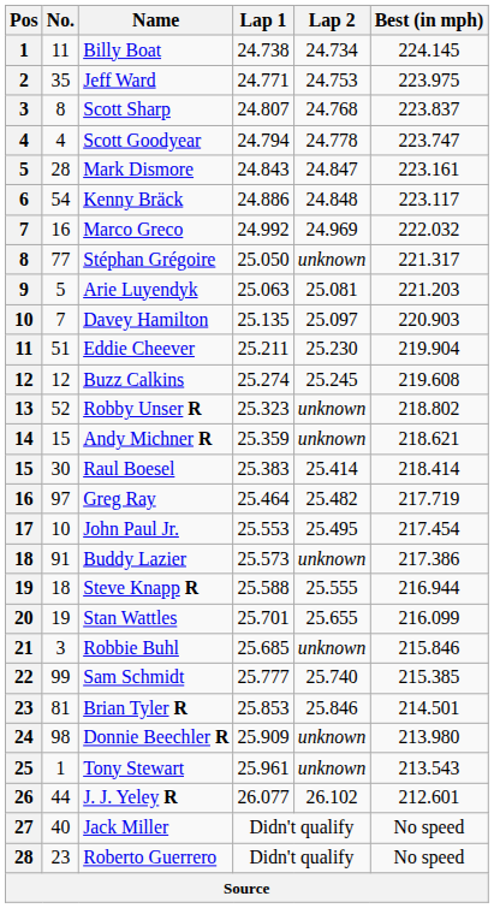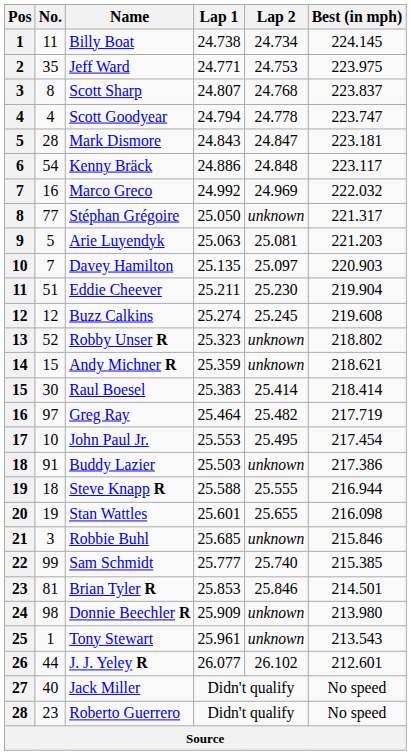 <table class="wikitable sortable" " style="fontsize:95%">
 <tr>
 <th>Pos</th>
 <th>No.</th>
 <th>Name</th>
 <th>Lap 1</th>
 <th>Lap 2</th>
 <th>Best (in mph)</th>
 </tr>
 <tr>
 <th scope="row">1</th>
 <td align=center>11</td>
 <td> <a href='#'>Billy Boat</a></td>
 <td align="center">24.738</td>
 <td align="center">24.734</td>
 <td align="center">224.145</td>
 </tr>
 <tr>
 <th scope="row">2</th>
 <td align=center>35</td>
 <td> <a href='#'>Jeff Ward</a></td>
 <td align="center">24.771</td>
 <td align="center">24.753</td>
 <td align="center">223.975</td>
 </tr>
 <tr>
 <th scope="row">3</th>
 <td align=center>8</td>
 <td> <a href='#'>Scott Sharp</a></td>
 <td align="center">24.807</td>
 <td align="center">24.768</td>
 <td align="center">223.837</td>
 </tr>
 <tr>
 <th scope="row">4</th>
 <td align=center>4</td>
 <td> <a href='#'>Scott Goodyear</a></td>
 <td align="center">24.794</td>
 <td align="center">24.778</td>
 <td align="center">223.747</td>
 </tr>
 <tr>
 <th scope="row">5</th>
 <td align=center>28</td>
 <td> <a href='#'>Mark Dismore</a></td>
 <td align="center">24.843</td>
 <td align="center">24.847</td>
-<td align="center">223.161</td>
+<td align="center">223.181</td>
 </tr>
 <tr>
 <th scope="row">6</th>
 <td align=center>54</td>
 <td> <a href='#'>Kenny Bräck</a></td>
 <td align="center">24.886</td>
 <td align="center">24.848</td>
 <td align="center">223.117</td>
 </tr>
 <tr>
 <th scope="row">7</th>
 <td align=center>16</td>
 <td> <a href='#'>Marco Greco</a></td>
 <td align="center">24.992</td>
 <td align="center">24.969</td>
 <td align="center">222.032</td>
 </tr>
 <tr>
 <th scope="row">8</th>
 <td align=center>77</td>
 <td> <a href='#'>Stéphan Grégoire</a></td>
 <td align="center">25.050</td>
 <td align="center"><em>unknown</em></td>
 <td align="center">221.317</td>
 </tr>
 <tr>
 <th scope="row">9</th>
 <td align=center>5</td>
 <td> <a href='#'>Arie Luyendyk</a></td>
 <td align="center">25.063</td>
 <td align="center">25.081</td>
 <td align="center">221.203</td>
 </tr>
 <tr>
 <th scope="row">10</th>
 <td align=center>7</td>
 <td> <a href='#'>Davey Hamilton</a></td>
 <td align="center">25.135</td>
 <td align="center">25.097</td>
 <td align="center">220.903</td>
 </tr>
 <tr>
 <th scope="row">11</th>
 <td align=center>51</td>
 <td> <a href='#'>Eddie Cheever</a></td>
 <td align="center">25.211</td>
 <td align="center">25.230</td>
 <td align="center">219.904</td>
 </tr>
 <tr>
 <th scope="row">12</th>
 <td align=center>12</td>
 <td> <a href='#'>Buzz Calkins</a></td>
 <td align="center">25.274</td>
 <td align="center">25.245</td>
 <td align="center">219.608</td>
 </tr>
 <tr>
 <th scope="row">13</th>
 <td align=center>52</td>
 <td> <a href='#'>Robby Unser</a> <strong><span>R</span></strong></td>
 <td align="center">25.323</td>
 <td align="center"><em>unknown</em></td>
 <td align="center">218.802</td>
 </tr>
 <tr>
 <th scope="row">14</th>
 <td align=center>15</td>
 <td> <a href='#'>Andy Michner</a> <strong><span>R</span></strong></td>
 <td align="center">25.359</td>
 <td align="center"><em>unknown</em></td>
 <td align="center">218.621</td>
 </tr>
 <tr>
 <th scope="row">15</th>
 <td align=center>30</td>
 <td> <a href='#'>Raul Boesel</a></td>
 <td align="center">25.383</td>
 <td align="center">25.414</td>
 <td align="center">218.414</td>
 </tr>
 <tr>
 <th scope="row">16</th>
 <td align=center>97</td>
 <td> <a href='#'>Greg Ray</a></td>
 <td align="center">25.464</td>
 <td align="center">25.482</td>
 <td align="center">217.719</td>
 </tr>
 <tr>
 <th scope="row">17</th>
 <td align=center>10</td>
 <td> <a href='#'>John Paul Jr.</a></td>
 <td align="center">25.553</td>
 <td align="center">25.495</td>
 <td align="center">217.454</td>
 </tr>
 <tr>
 <th scope="row">18</th>
 <td align=center>91</td>
 <td> <a href='#'>Buddy Lazier</a></td>
-<td align="center">25.573</td>
+<td align="center">25.503</td>
 <td align="center"><em>unknown</em></td>
 <td align="center">217.386</td>
 </tr>
 <tr>
 <th scope="row">19</th>
 <td align=center>18</td>
 <td> <a href='#'>Steve Knapp</a> <strong><span>R</span></strong></td>
 <td align="center">25.588</td>
 <td align="center">25.555</td>
 <td align="center">216.944</td>
 </tr>
 <tr>
 <th scope="row">20</th>
 <td align=center>19</td>
 <td> <a href='#'>Stan Wattles</a></td>
-<td align="center">25.701</td>
+<td align="center">25.601</td>
 <td align="center">25.655</td>
-<td align="center">216.099</td>
+<td align="center">216.098</td>
 </tr>
 <tr>
 <th scope="row">21</th>
 <td align=center>3</td>
 <td> <a href='#'>Robbie Buhl</a></td>
 <td align="center">25.685</td>
 <td align="center"><em>unknown</em></td>
 <td align="center">215.846</td>
 </tr>
 <tr>
 <th scope="row">22</th>
 <td align=center>99</td>
 <td> <a href='#'>Sam Schmidt</a></td>
 <td align="center">25.777</td>
 <td align="center">25.740</td>
 <td align="center">215.385</td>
 </tr>
 <tr>
 <th scope="row">23</th>
 <td align=center>81</td>
 <td> <a href='#'>Brian Tyler</a> <strong><span>R</span></strong></td>
 <td align="center">25.853</td>
 <td align="center">25.846</td>
 <td align="center">214.501</td>
 </tr>
 <tr>
 <th scope="row">24</th>
 <td align=center>98</td>
 <td> <a href='#'>Donnie Beechler</a> <strong><span>R</span></strong></td>
 <td align="center">25.909</td>
 <td align="center"><em>unknown</em></td>
 <td align="center">213.980</td>
 </tr>
 <tr>
 <th scope="row">25</th>
 <td align=center>1</td>
 <td> <a href='#'>Tony Stewart</a></td>
 <td align="center">25.961</td>
 <td align="center"><em>unknown</em></td>
 <td align="center">213.543</td>
 </tr>
 <tr>
 <th scope="row">26</th>
 <td align=center>44</td>
 <td> <a href='#'>J. J. Yeley</a> <strong><span>R</span></strong></td>
 <td align="center">26.077</td>
 <td align="center">26.102</td>
 <td align="center">212.601</td>
 </tr>
 <tr>
 <th scope="row">27</th>
 <td align=center>40</td>
 <td> <a href='#'>Jack Miller</a></td>
 <td colspan=2 align="center">Didn't qualify</td>
 <td align="center">No speed</td>
 </tr>
 <tr>
 <th scope="row">28</th>
 <td align=center>23</td>
 <td> <a href='#'>Roberto Guerrero</a></td>
 <td colspan=2 align="center">Didn't qualify</td>
 <td align="center">No speed</td>
 </tr>
 <tr>
 <th colspan=7 align=center><small>Source</small></th>
 </tr>
 </table>
